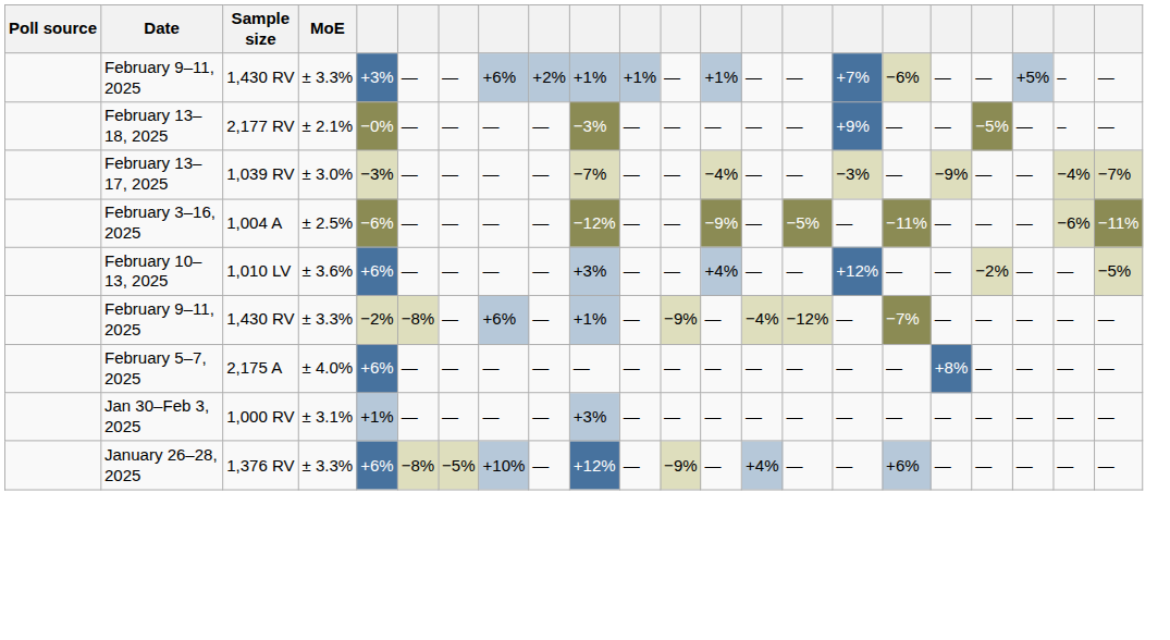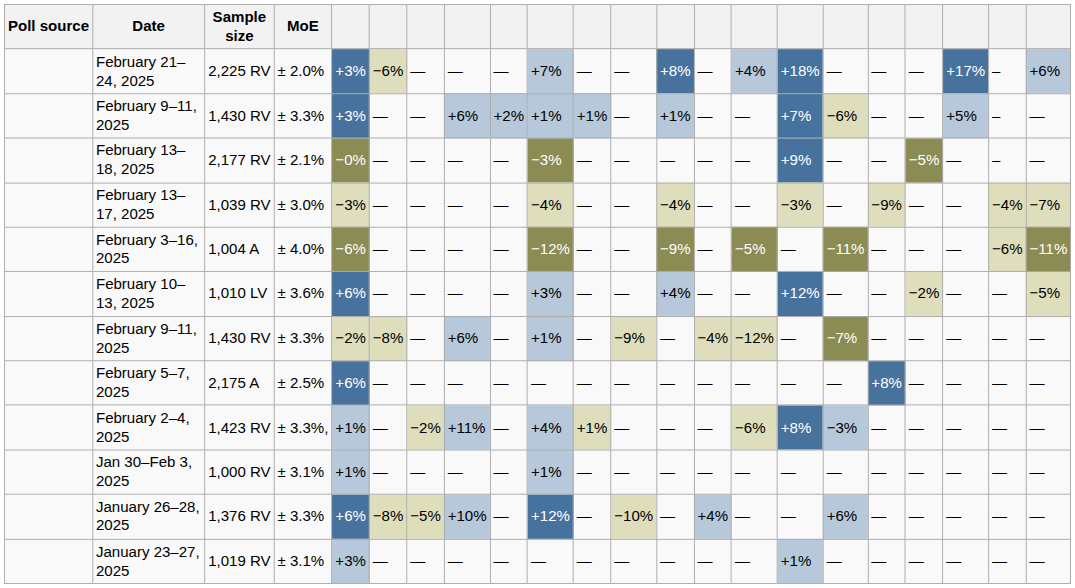 <table class="wikitable sortable mw-datatable defaultcenter col1left col2left col3left sticky-table-head sticky-table-col1" style="line-height:20px;">
 <tr>
 <th>Poll source</th>
 <th style=width:7em;>Date</th>
 <th>Sample<br>size</th>
 <th>MoE</th>
 <th></th>
 <th></th>
 <th></th>
 <th></th>
 <th></th>
 <th></th>
 <th></th>
 <th></th>
 <th></th>
 <th></th>
 <th></th>
 <th></th>
 <th></th>
 <th></th>
 <th></th>
 <th></th>
 <th></th>
 <th></th>
+</tr>
+<tr>
+<td></td>
+<td>February 21–24, 2025</td>
+<td>2,225 RV</td>
+<td>± 2.0%</td>
+<td style="background:#47729E; color: white">+3% </td>
+<td style="background:#DEDEBD;">−6% </td>
+<td>— </td>
+<td>— </td>
+<td>— </td>
+<td style="background:#B6C8D9;">+7% </td>
+<td>— </td>
+<td>— </td>
+<td style="background:#47729E; color: white">+8% </td>
+<td>— </td>
+<td style="background:#B6C8D9;">+4% </td>
+<td style="background:#47729E; color: white">+18% </td>
+<td>— </td>
+<td>— </td>
+<td>— </td>
+<td style="background:#47729E; color: white">+17% </td>
+<td>– </td>
+<td style="background:#B6C8D9;">+6% </td>
 </tr>
 <tr>
 <td></td>
 <td>February 9–11, 2025</td>
 <td>1,430 RV</td>
 <td>± 3.3%</td>
 <td style="background:#47729E; color: white">+3% </td>
 <td>— </td>
 <td>— </td>
 <td style="background:#B6C8D9;">+6% </td>
 <td style="background:#B6C8D9;">+2% </td>
 <td style="background:#B6C8D9;">+1% </td>
 <td style="background:#B6C8D9;">+1% </td>
 <td>— </td>
 <td style="background:#B6C8D9;">+1% </td>
 <td>— </td>
 <td>— </td>
 <td style="background:#47729E; color: white">+7% </td>
 <td style="background:#DEDEBD;">−6% </td>
 <td>— </td>
 <td>— </td>
 <td style="background:#B6C8D9;">+5% </td>
 <td>– </td>
 <td>— </td>
 </tr>
 <tr>
 <td></td>
 <td>February 13–18, 2025</td>
 <td>2,177 RV</td>
 <td>± 2.1%</td>
 <td style="background:#8B8B54; color: white">−0% </td>
 <td>— </td>
 <td>— </td>
 <td>— </td>
 <td>— </td>
 <td style="background:#8B8B54; color: white">−3% </td>
 <td>— </td>
 <td>— </td>
 <td>— </td>
 <td>— </td>
 <td>— </td>
 <td style="background:#47729E; color: white">+9% </td>
 <td>— </td>
 <td>— </td>
 <td style="background:#8B8B54; color: white">−5% </td>
 <td>— </td>
 <td>– </td>
 <td>— </td>
 </tr>
 <tr>
 <td></td>
 <td>February 13–17, 2025</td>
 <td>1,039 RV</td>
 <td>± 3.0%</td>
 <td style="background:#DEDEBD;">−3% </td>
 <td>— </td>
 <td>— </td>
 <td>— </td>
 <td>— </td>
-<td style="background:#DEDEBD;">−7% </td>
+<td style="background:#DEDEBD;">−4% </td>
 <td>— </td>
 <td>— </td>
 <td style="background:#DEDEBD;">−4% </td>
 <td>— </td>
 <td>— </td>
 <td style="background:#DEDEBD;">−3% </td>
 <td>— </td>
 <td style="background:#DEDEBD;">−9% </td>
 <td>— </td>
 <td>— </td>
 <td style="background:#DEDEBD;">−4% </td>
 <td style="background:#DEDEBD;">−7% </td>
 </tr>
 <tr>
 <td></td>
 <td>February 3–16, 2025</td>
 <td>1,004 A</td>
-<td>± 2.5%</td>
+<td>± 4.0%</td>
 <td style="background:#8B8B54; color: white">−6% </td>
 <td>— </td>
 <td>— </td>
 <td>— </td>
 <td>— </td>
 <td style="background:#8B8B54; color: white">−12% </td>
 <td>— </td>
 <td>— </td>
 <td style="background:#8B8B54; color: white">−9% </td>
 <td>— </td>
 <td style="background:#8B8B54; color: white">−5% </td>
 <td>— </td>
 <td style="background:#8B8B54; color: white">−11% </td>
 <td>— </td>
 <td>— </td>
 <td>— </td>
 <td style="background:#DEDEBD;">−6% </td>
 <td style="background:#8B8B54; color: white">−11% </td>
 </tr>
 <tr>
 <td></td>
 <td>February 10–13, 2025</td>
 <td>1,010 LV</td>
 <td>± 3.6%</td>
 <td style="background:#47729E; color: white">+6% </td>
 <td>— </td>
 <td>— </td>
 <td>— </td>
 <td>— </td>
 <td style="background:#B6C8D9;">+3% </td>
 <td>— </td>
 <td>— </td>
 <td style="background:#B6C8D9;">+4% </td>
 <td>— </td>
 <td>— </td>
 <td style="background:#47729E; color: white">+12% </td>
 <td>— </td>
 <td>— </td>
 <td style="background:#DEDEBD;">−2% </td>
 <td>— </td>
 <td>— </td>
 <td style="background:#DEDEBD;">−5% </td>
 </tr>
 <tr>
 <td></td>
 <td>February 9–11, 2025</td>
 <td>1,430 RV</td>
 <td>± 3.3%</td>
 <td style="background:#DEDEBD;">−2% </td>
 <td style="background:#DEDEBD;">−8% </td>
 <td>— </td>
 <td style="background:#B6C8D9;">+6% </td>
 <td>— </td>
 <td style="background:#B6C8D9;">+1% </td>
 <td>— </td>
 <td style="background:#DEDEBD;">−9% </td>
 <td>— </td>
 <td style="background:#DEDEBD;">−4% </td>
 <td style="background:#DEDEBD;">−12% </td>
 <td>— </td>
 <td style="background:#8B8B54; color: white">−7% </td>
 <td>— </td>
 <td>— </td>
 <td>— </td>
 <td>— </td>
 <td>— </td>
 </tr>
 <tr>
 <td></td>
 <td>February 5–7, 2025</td>
 <td>2,175 A</td>
-<td>± 4.0%</td>
+<td>± 2.5%</td>
 <td style="background:#47729E; color: white">+6% </td>
 <td>— </td>
 <td>— </td>
 <td>— </td>
 <td>— </td>
 <td>— </td>
 <td>— </td>
 <td>— </td>
 <td>— </td>
 <td>— </td>
 <td>— </td>
 <td>— </td>
 <td>— </td>
 <td style="background:#47729E; color: white">+8% </td>
 <td>— </td>
 <td>— </td>
 <td>— </td>
 <td>— </td>
 </tr>
 <tr>
 <td></td>
+<td>February 2–4, 2025</td>
+<td>1,423 RV</td>
+<td>± 3.3%,</td>
+<td style="background:#B6C8D9;">+1% </td>
+<td>— </td>
+<td style="background:#DEDEBD;">−2% </td>
+<td style="background:#B6C8D9;">+11% </td>
+<td>— </td>
+<td style="background:#B6C8D9;">+4% </td>
+<td style="background:#DEDEBD;">+1% </td>
+<td>— </td>
+<td>— </td>
+<td>— </td>
+<td style="background:#DEDEBD;">−6% </td>
+<td style="background:#47729E; color: white">+8% </td>
+<td style="background:#B6C8D9;">−3% </td>
+<td>— </td>
+<td>— </td>
+<td>— </td>
+<td>— </td>
+<td>— </td>
+</tr>
+<tr>
+<td></td>
 <td>Jan 30–Feb 3, 2025</td>
 <td>1,000 RV</td>
 <td>± 3.1%</td>
 <td style="background:#B6C8D9;">+1% </td>
 <td>— </td>
 <td>— </td>
 <td>— </td>
 <td>— </td>
-<td style="background:#B6C8D9;">+3% </td>
+<td style="background:#B6C8D9;">+1% </td>
 <td>— </td>
 <td>— </td>
 <td>— </td>
 <td>— </td>
 <td>— </td>
 <td>— </td>
 <td>— </td>
 <td>— </td>
 <td>— </td>
 <td>— </td>
 <td>— </td>
 <td>— </td>
 </tr>
 <tr>
 <td></td>
 <td>January 26–28, 2025</td>
 <td>1,376 RV</td>
 <td>± 3.3%</td>
 <td style="background:#47729E; color: white">+6% </td>
 <td style="background:#DEDEBD;">−8% </td>
 <td style="background:#DEDEBD;">−5% </td>
 <td style="background:#B6C8D9;">+10% </td>
 <td>— </td>
 <td style="background:#47729E; color: white">+12% </td>
 <td>— </td>
-<td style="background:#DEDEBD;">−9% </td>
+<td style="background:#DEDEBD;">−10% </td>
 <td>— </td>
 <td style="background:#B6C8D9;">+4% </td>
 <td>— </td>
 <td>— </td>
 <td style="background:#B6C8D9;">+6% </td>
 <td>— </td>
 <td>— </td>
 <td>— </td>
 <td>— </td>
 <td>— </td>
 </tr>
+<tr>
+<td></td>
+<td>January 23–27, 2025</td>
+<td>1,019 RV</td>
+<td>± 3.1%</td>
+<td style="background:#B6C8D9;">+3%</td>
+<td>— </td>
+<td>— </td>
+<td>— </td>
+<td>— </td>
+<td>— </td>
+<td>— </td>
+<td>— </td>
+<td>— </td>
+<td>— </td>
+<td>— </td>
+<td style="background:#B6C8D9;">+1% </td>
+<td>— </td>
+<td>— </td>
+<td>— </td>
+<td>— </td>
+<td>— </td>
+<td>— </td>
+</tr>
 </table>
